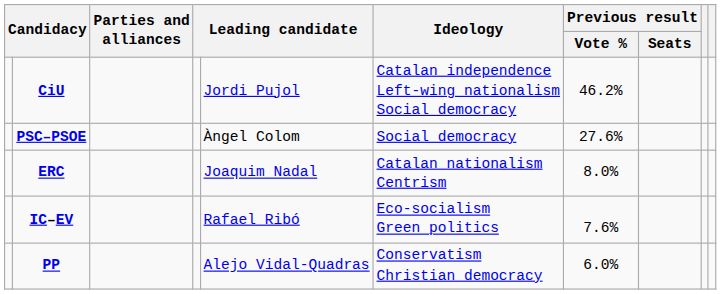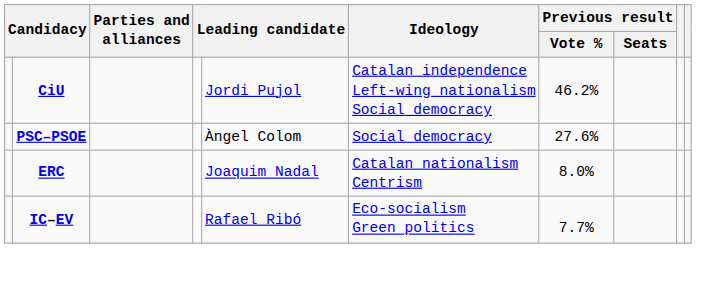 <table class="wikitable" style="line-height:1.35em; text-align:left;">
 <tr>
 <th colspan="2" rowspan="2">Candidacy</th>
 <th rowspan="2">Parties and<br>alliances</th>
 <th colspan="2" rowspan="2">Leading candidate</th>
 <th rowspan="2">Ideology</th>
 <th colspan="2">Previous result</th>
 <th rowspan="2"></th>
 <th rowspan="2"></th>
 </tr>
 <tr>
 <th>Vote %</th>
 <th>Seats</th>
 </tr>
 <tr>
 <td width="1" style="color:inherit;background:"></td>
 <td align="center"><strong><a href='#'>CiU</a></strong></td>
 <td></td>
 <td></td>
 <td><a href='#'>Jordi Pujol</a></td>
 <td><a href='#'>Catalan independence</a><br><a href='#'>Left-wing nationalism</a><br><a href='#'>Social democracy</a></td>
 <td align="center">46.2%</td>
 <td></td>
 <td></td>
 <td></td>
 </tr>
 <tr>
 <td style="color:inherit;background:"></td>
 <td align="center"><strong><a href='#'>PSC–PSOE</a></strong></td>
 <td></td>
 <td></td>
 <td>Àngel Colom</td>
 <td><a href='#'>Social democracy</a></td>
 <td align="center">27.6%</td>
 <td></td>
 <td></td>
 <td></td>
 </tr>
 <tr>
 <td style="color:inherit;background:"></td>
 <td align="center"><strong><a href='#'>ERC</a></strong></td>
 <td></td>
 <td></td>
 <td><a href='#'>Joaquim Nadal</a></td>
 <td><a href='#'>Catalan nationalism</a><br><a href='#'>Centrism</a></td>
 <td align="center">8.0%</td>
 <td></td>
 <td></td>
 <td></td>
 </tr>
 <tr>
 <td style="color:inherit;background:"></td>
 <td align="center"><strong><a href='#'>IC</a>–<a href='#'>EV</a></strong></td>
 <td></td>
 <td></td>
 <td><a href='#'>Rafael Ribó</a></td>
 <td><a href='#'>Eco-socialism</a><br><a href='#'>Green politics</a></td>
-<td align="center"><br>7.6%<br></td>
-<td></td>
-<td></td>
-<td></td>
-</tr>
-<tr>
-<td style="color:inherit;background:"></td>
-<td align="center"><strong><a href='#'>PP</a></strong></td>
-<td></td>
-<td></td>
-<td><a href='#'>Alejo Vidal-Quadras</a></td>
-<td><a href='#'>Conservatism</a><br><a href='#'>Christian democracy</a></td>
-<td align="center">6.0%</td>
+<td align="center"><br>7.7%<br></td>
 <td></td>
 <td></td>
 <td></td>
 </tr>
 </table>
